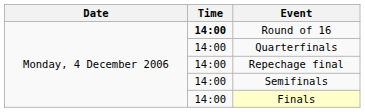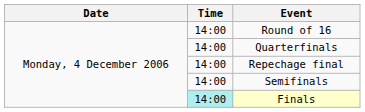 <table class = "wikitable" style="text-align:center;">
 <tr>
 <th width=220>Date</th>
 <th width=50>Time</th>
 <th width=150>Event</th>
 </tr>
 <tr>
 <td rowspan=5>Monday, 4 December 2006</td>
-<td><strong>14:00</strong></td>
+<td>14:00</td>
 <td>Round of 16</td>
 </tr>
 <tr>
 <td>14:00</td>
 <td>Quarterfinals</td>
 </tr>
 <tr>
 <td>14:00</td>
 <td>Repechage final</td>
 </tr>
 <tr>
 <td>14:00</td>
 <td>Semifinals</td>
 </tr>
 <tr>
-<td>14:00</td>
+<td style="background: paleturquoise;">14:00</td>
 <td bgcolor=ffffcc>Finals</td>
 </tr>
 </table>
